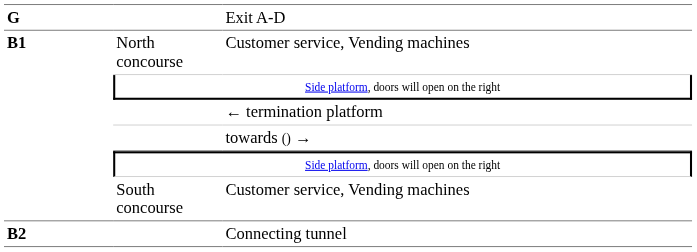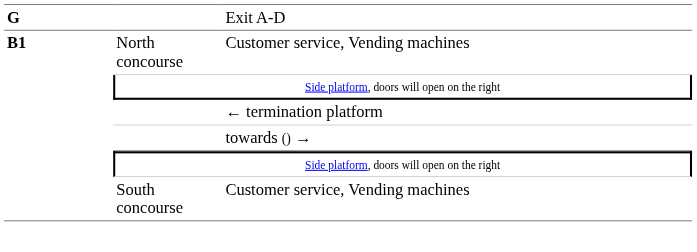 <table cellspacing=0 cellpadding=3>
 <tr>
 <td style="border-top:solid 1px gray;border-bottom:solid 1px gray;" width=100 valign=top><strong>G</strong></td>
 <td style="border-top:solid 1px gray;border-bottom:solid 1px gray;" width=100 valign=top></td>
 <td style="border-top:solid 1px gray;border-bottom:solid 1px gray;" width=450 valign=top>Exit A-D</td>
 </tr>
 <tr>
 <td style="border-bottom:solid 1px gray;" rowspan=6 valign=top><strong>B1</strong></td>
 <td style="border-bottom:solid 1px lightgray;" valign=top>North concourse</td>
 <td style="border-bottom:solid 1px lightgray;" valign=top>Customer service, Vending machines</td>
 </tr>
 <tr>
 <td style="border-right:solid 2px black;border-left:solid 2px black;border-bottom:solid 2px black;font-size:smaller;text-align:center;" colspan=2><small><a href='#'>Side platform</a>, doors will open on the right</small></td>
 </tr>
 <tr>
 <td style="border-bottom:solid 1px lightgray;"></td>
 <td style="border-bottom:solid 1px lightgray;">← termination platform</td>
 </tr>
 <tr>
 <td style="border-bottom:solid 1px gray;"></td>
 <td style="border-bottom:solid 1px gray;">  towards  <small>()</small> →</td>
 </tr>
 <tr>
 <td style="border-right:solid 2px black;border-left:solid 2px black;border-top:solid 2px black;border-bottom:solid 1px lightgray;font-size:smaller;text-align:center;" colspan=2><small><a href='#'>Side platform</a>, doors will open on the right</small></td>
 </tr>
 <tr>
 <td style="border-bottom:solid 1px gray;" valign=top>South concourse</td>
 <td style="border-bottom:solid 1px gray;" valign=top>Customer service, Vending machines</td>
 </tr>
-<tr>
-<td style="border-bottom:solid 1px gray;" rowspan="1" valign=top><strong>B2</strong></td>
-<td style="border-bottom:solid 1px gray"></td>
-<td style="border-bottom:solid 1px gray">Connecting tunnel</td>
-</tr>
 </table>
